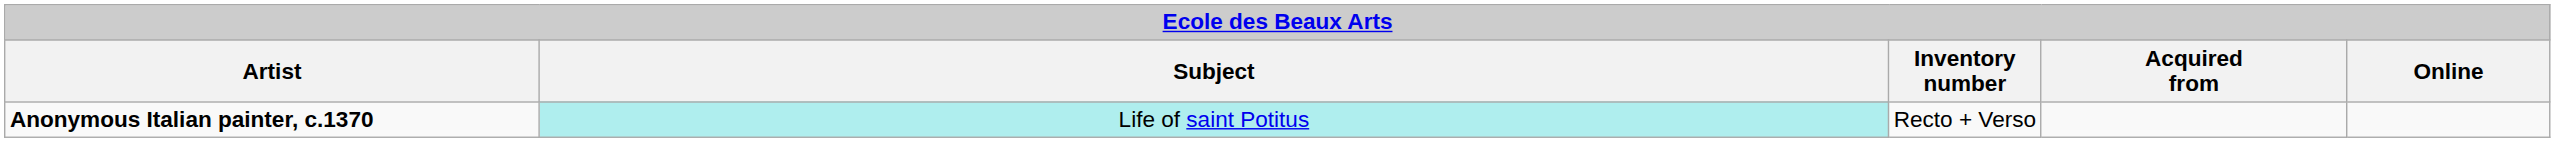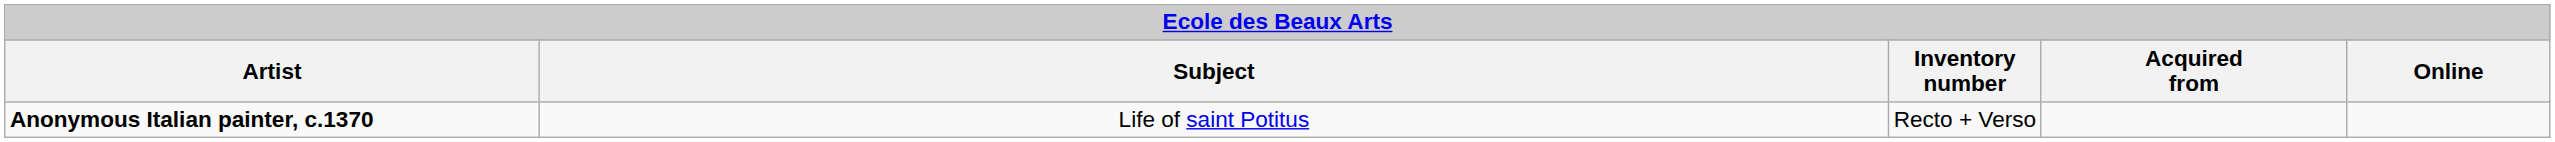 <table class="wikitable">
 <tr>
 <td colspan="5" align="center" bgcolor="#CCCCCC"><strong><a href='#'>Ecole des Beaux Arts</a></strong></td>
 </tr>
 <tr>
 <th width="21%">Artist</th>
 <th width="53%">Subject</th>
 <th width="6%">Inventory<br>number</th>
 <th width="12%">Acquired<br>from</th>
 <th>Online<br></th>
 </tr>
 <tr>
 <td align="left"><strong>Anonymous Italian painter, c.1370</strong></td>
-<td align="center" style="background: paleturquoise;">Life of <a href='#'>saint Potitus</a></td>
+<td align="center">Life of <a href='#'>saint Potitus</a></td>
 <td align="right">Recto + Verso</td>
 <td align="center"></td>
 <td align="right"></td>
 </tr>
 </table>
